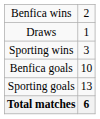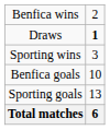 <table class="wikitable" style="text-align:center">
 <tr>
 <td>Benfica wins</td>
 <td>2</td>
 </tr>
 <tr>
 <td>Draws</td>
-<td>1</td>
+<td><strong>1</strong></td>
 </tr>
 <tr>
 <td>Sporting wins</td>
 <td>3</td>
 </tr>
 <tr>
 <td>Benfica goals</td>
 <td>10</td>
 </tr>
 <tr>
 <td>Sporting goals</td>
 <td>13</td>
 </tr>
 <tr>
 <th>Total matches</th>
 <th>6</th>
 </tr>
 </table>
